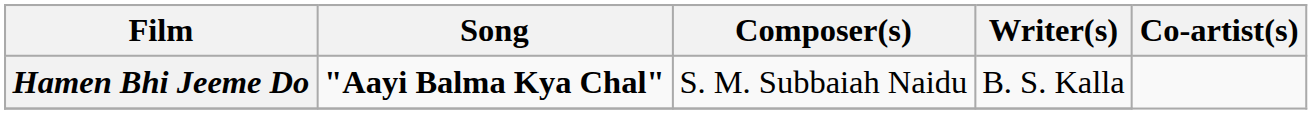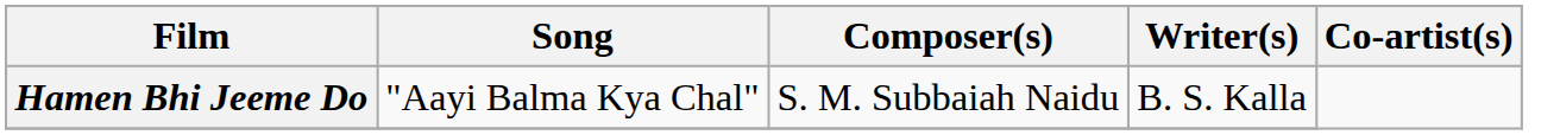 <table class="wikitable sortable">
 <tr>
 <th>Film</th>
 <th>Song</th>
 <th>Composer(s)</th>
 <th>Writer(s)</th>
 <th>Co-artist(s)</th>
 </tr>
 <tr>
 <th><em>Hamen Bhi Jeeme Do</em></th>
-<td><strong>"Aayi Balma Kya Chal"</strong></td>
+<td>"Aayi Balma Kya Chal"</td>
 <td>S. M. Subbaiah Naidu</td>
 <td>B. S. Kalla</td>
 </tr>
 <tr>
 </tr>
 </table>
